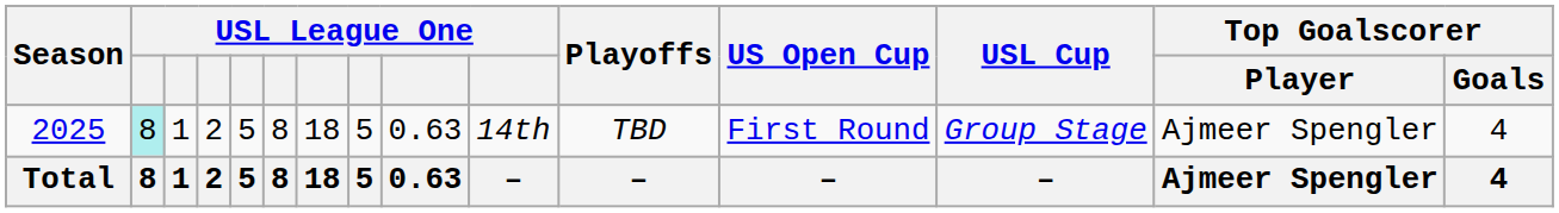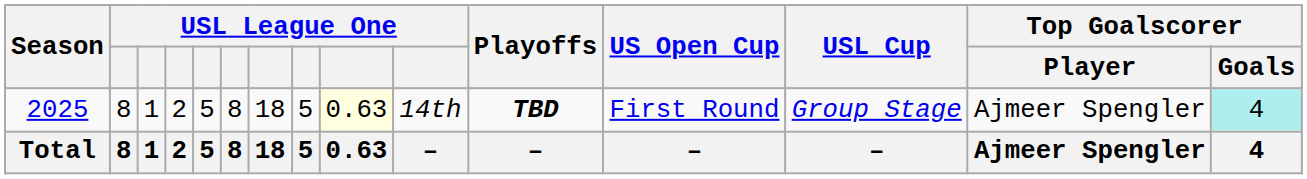 <table class="wikitable" style="text-align: center">
 <tr>
 <th rowspan="2" scope="col">Season</th>
 <th colspan="9" scope="col"><a href='#'>USL League One</a></th>
 <th rowspan="2" scope="col">Playoffs</th>
 <th rowspan="2" scope="col"><a href='#'>US Open Cup</a></th>
 <th rowspan="2" scope="col"><a href='#'>USL Cup</a></th>
 <th colspan="2" scope="col">Top Goalscorer</th>
 </tr>
 <tr>
 <th></th>
 <th></th>
 <th></th>
 <th></th>
 <th></th>
 <th></th>
 <th></th>
 <th></th>
 <th></th>
 <th class="unsortable">Player</th>
 <th class="unsortable">Goals</th>
 </tr>
 <tr>
 <td><a href='#'>2025</a></td>
-<td style="background: paleturquoise;">8</td>
+<td>8</td>
 <td>1</td>
 <td>2</td>
 <td>5</td>
 <td>8</td>
 <td>18</td>
 <td>5</td>
-<td>0.63</td>
+<td style="background: lightyellow;">0.63</td>
 <td><em>14th</em></td>
-<td><em>TBD</em></td>
+<td><strong><em>TBD</em></strong></td>
 <td><a href='#'>First Round</a></td>
 <td><a href='#'><em>Group Stage</em></a></td>
 <td> Ajmeer Spengler</td>
-<td>4</td>
+<td style="background: paleturquoise;">4</td>
 </tr>
 <tr>
 <th>Total</th>
 <th>8</th>
 <th>1</th>
 <th>2</th>
 <th>5</th>
 <th>8</th>
 <th>18</th>
 <th>5</th>
 <th>0.63</th>
 <th>–</th>
 <th>–</th>
 <th>–</th>
 <th>–</th>
 <th> Ajmeer Spengler</th>
 <th>4</th>
 </tr>
 </table>
